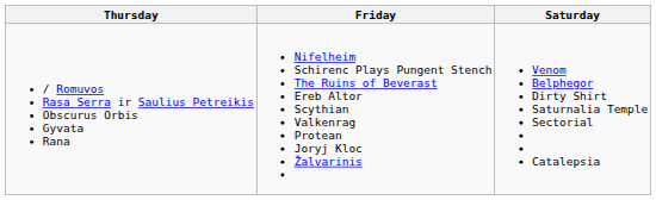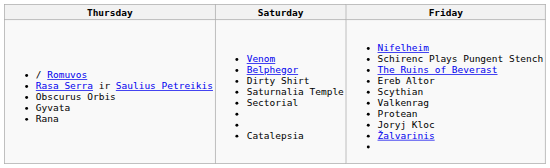 <table class="wikitable">
 <tr>
 <th>Thursday</th>
+<th>Saturday</th>
 <th>Friday</th>
-<th>Saturday</th>
 </tr>
 <tr>
 <td><br><ul><li>/ <a href='#'>Romuvos</a></li><li> <a href='#'>Rasa Serra</a> ir <a href='#'>Saulius Petreikis</a></li><li> Obscurus Orbis</li><li> Gyvata</li><li> Rana</li></ul></td>
+<td><br><ul><li> <a href='#'>Venom</a></li><li> <a href='#'>Belphegor</a></li><li> Dirty Shirt</li><li> Saturnalia Temple</li><li> Sectorial</li><li> </li><li> </li><li> Catalepsia</li></ul></td>
 <td><br><ul><li> <a href='#'>Nifelheim</a></li><li> Schirenc Plays Pungent Stench</li><li> <a href='#'>The Ruins of Beverast</a></li><li> Ereb Altor</li><li> Scythian</li><li> Valkenrag</li><li> Protean</li><li> Joryj Kloc</li><li> <a href='#'>Žalvarinis</a></li><li> </li></ul></td>
-<td><br><ul><li> <a href='#'>Venom</a></li><li> <a href='#'>Belphegor</a></li><li> Dirty Shirt</li><li> Saturnalia Temple</li><li> Sectorial</li><li> </li><li> </li><li> Catalepsia</li></ul></td>
 </tr>
 </table>
